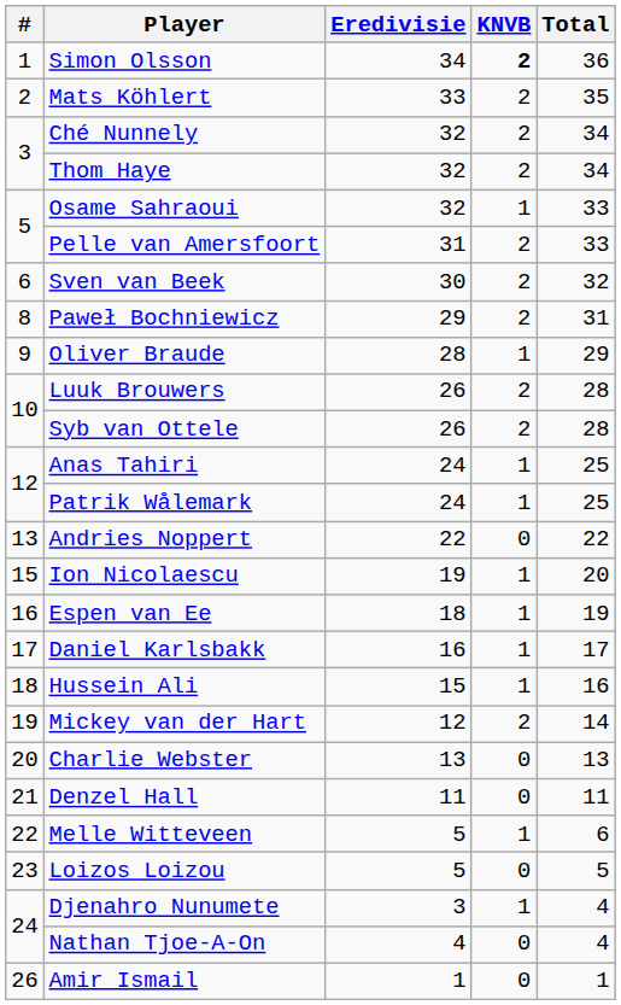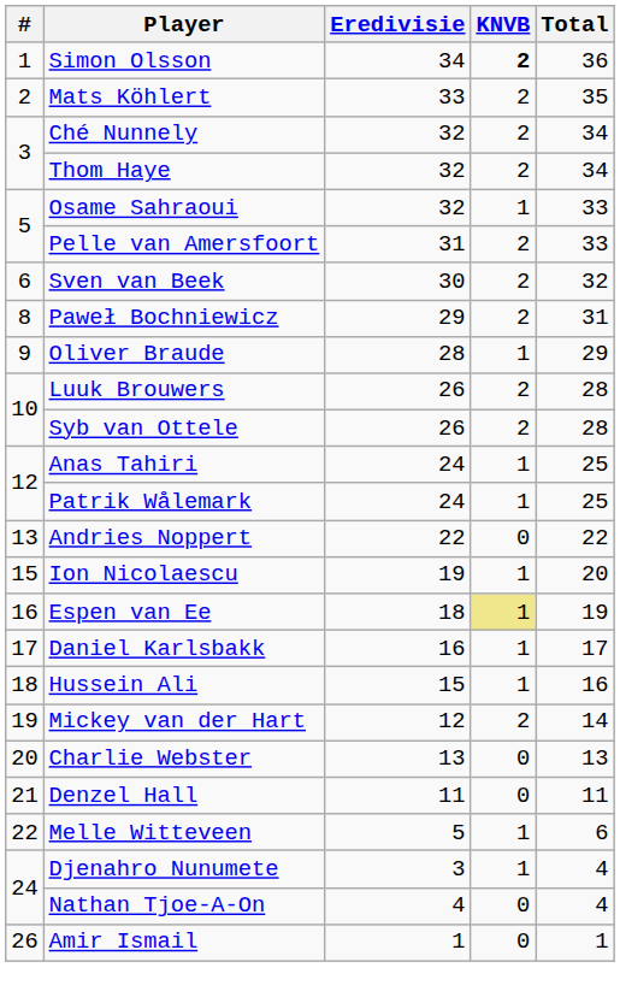 <table class="wikitable" style="text-align:right;">
 <tr>
 <th>#</th>
 <th>Player</th>
 <th><a href='#'>Eredivisie</a></th>
 <th><a href='#'>KNVB</a></th>
 <th>Total</th>
 </tr>
 <tr>
 <td align=center>1</td>
 <td align=left> <a href='#'>Simon Olsson</a></td>
 <td>34</td>
 <td><strong>2</strong></td>
 <td>36</td>
 </tr>
 <tr>
 <td align=center>2</td>
 <td align=left> <a href='#'>Mats Köhlert</a></td>
 <td>33</td>
 <td>2</td>
 <td>35</td>
 </tr>
 <tr>
 <td rowspan=2 align=center>3</td>
 <td align=left> <a href='#'>Ché Nunnely</a></td>
 <td>32</td>
 <td>2</td>
 <td>34</td>
 </tr>
 <tr>
 <td align=left> <a href='#'>Thom Haye</a></td>
 <td>32</td>
 <td>2</td>
 <td>34</td>
 </tr>
 <tr>
 <td rowspan=2 align=center>5</td>
 <td align=left> <a href='#'>Osame Sahraoui</a></td>
 <td>32</td>
 <td>1</td>
 <td>33</td>
 </tr>
 <tr>
 <td align=left> <a href='#'>Pelle van Amersfoort</a></td>
 <td>31</td>
 <td>2</td>
 <td>33</td>
 </tr>
 <tr>
 <td align=center>6</td>
 <td align=left> <a href='#'>Sven van Beek</a></td>
 <td>30</td>
 <td>2</td>
 <td>32</td>
 </tr>
 <tr>
 <td align=center>8</td>
 <td align=left> <a href='#'>Paweł Bochniewicz</a></td>
 <td>29</td>
 <td>2</td>
 <td>31</td>
 </tr>
 <tr>
 <td align=center>9</td>
 <td align=left> <a href='#'>Oliver Braude</a></td>
 <td>28</td>
 <td>1</td>
 <td>29</td>
 </tr>
 <tr>
 <td rowspan=2 align=center>10</td>
 <td align=left> <a href='#'>Luuk Brouwers</a></td>
 <td>26</td>
 <td>2</td>
 <td>28</td>
 </tr>
 <tr>
 <td align=left> <a href='#'>Syb van Ottele</a></td>
 <td>26</td>
 <td>2</td>
 <td>28</td>
 </tr>
 <tr>
 <td align=center rowspan=2>12</td>
 <td align=left> <a href='#'>Anas Tahiri</a></td>
 <td>24</td>
 <td>1</td>
 <td>25</td>
 </tr>
 <tr>
 <td align=left> <a href='#'>Patrik Wålemark</a></td>
 <td>24</td>
 <td>1</td>
 <td>25</td>
 </tr>
 <tr>
 <td align=center>13</td>
 <td align=left> <a href='#'>Andries Noppert</a></td>
 <td>22</td>
 <td>0</td>
 <td>22</td>
 </tr>
 <tr>
 <td align=center>15</td>
 <td align=left> <a href='#'>Ion Nicolaescu</a></td>
 <td>19</td>
 <td>1</td>
 <td>20</td>
 </tr>
 <tr>
 <td align=center>16</td>
 <td align=left> <a href='#'>Espen van Ee</a></td>
 <td>18</td>
-<td>1</td>
+<td style="background: khaki;">1</td>
 <td>19</td>
 </tr>
 <tr>
 <td align=center>17</td>
 <td align=left> <a href='#'>Daniel Karlsbakk</a></td>
 <td>16</td>
 <td>1</td>
 <td>17</td>
 </tr>
 <tr>
 <td align=center>18</td>
 <td align=left> <a href='#'>Hussein Ali</a></td>
 <td>15</td>
 <td>1</td>
 <td>16</td>
 </tr>
 <tr>
 <td align=center>19</td>
 <td align=left> <a href='#'>Mickey van der Hart</a></td>
 <td>12</td>
 <td>2</td>
 <td>14</td>
 </tr>
 <tr>
 <td align=center>20</td>
 <td align=left> <a href='#'>Charlie Webster</a></td>
 <td>13</td>
 <td>0</td>
 <td>13</td>
 </tr>
 <tr>
 <td align=center>21</td>
 <td align=left> <a href='#'>Denzel Hall</a></td>
 <td>11</td>
 <td>0</td>
 <td>11</td>
 </tr>
 <tr>
 <td align=center>22</td>
 <td align=left> <a href='#'>Melle Witteveen</a></td>
 <td>5</td>
 <td>1</td>
 <td>6</td>
 </tr>
 <tr>
-<td align=center>23</td>
-<td align=left> <a href='#'>Loizos Loizou</a></td>
-<td>5</td>
-<td>0</td>
-<td>5</td>
-</tr>
-<tr>
 <td rowspan=2 align=center>24</td>
 <td align=left> <a href='#'>Djenahro Nunumete</a></td>
 <td>3</td>
 <td>1</td>
 <td>4</td>
 </tr>
 <tr>
 <td align=left> <a href='#'>Nathan Tjoe-A-On</a></td>
 <td>4</td>
 <td>0</td>
 <td>4</td>
 </tr>
 <tr>
 <td align=center>26</td>
 <td align=left> <a href='#'>Amir Ismail</a></td>
 <td>1</td>
 <td>0</td>
 <td>1</td>
 </tr>
 </table>
